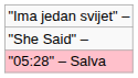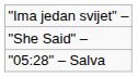 <table class="wikitable mw-collapsible mw-collapsed">
 <tr>
 <td>"Ima jedan svijet" – </td>
 </tr>
 <tr>
 <td>"She Said" – </td>
 </tr>
 <tr>
-<td style="background: pink;">"05:28" – Salva</td>
+<td>"05:28" – Salva</td>
 </tr>
 </table>
